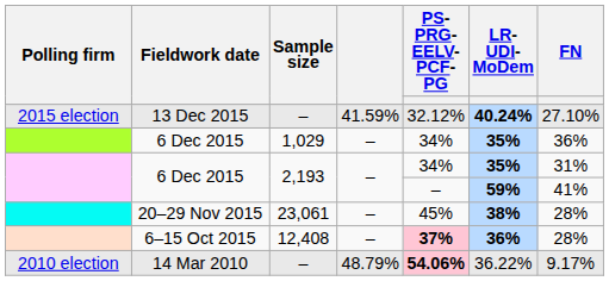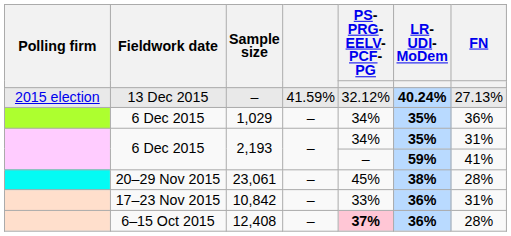 <table class="wikitable sortable" style="text-align:center;font-size:90%;line-height:14px;">
 <tr style="height:40px;">
 <th style="width:100px;" rowspan="2">Polling firm</th>
 <th style="width:110px;" rowspan="2">Fieldwork date</th>
 <th style="width:35px;" rowspan="2">Sample<br>size</th>
 <th style="width:30px;" rowspan="2"></th>
 <th class="unsortable" style="width:40px;"><a href='#'>PS</a>-<a href='#'>PRG</a>-<a href='#'>EELV</a>-<a href='#'>PCF</a>-<a href='#'>PG</a></th>
 <th class="unsortable" style="width:40px;"><a href='#'>LR</a>-<a href='#'>UDI</a>-<a href='#'>MoDem</a></th>
 <th class="unsortable" style="width:40px;"><a href='#'>FN</a></th>
 </tr>
 <tr>
 <th style="background:"></th>
 <th style="background:"></th>
 <th style="background:"></th>
 </tr>
 <tr style="background:#E9E9E9;">
 <td><a href='#'>2015 election</a></td>
 <td data-sort-value="2015-12-13">13 Dec 2015</td>
 <td>–</td>
 <td>41.59%</td>
 <td>32.12%</td>
 <td style="background:#B9DAFF;"><strong>40.24%</strong></td>
-<td>27.10%</td>
+<td>27.13%</td>
 </tr>
 <tr>
 <td style="background:GreenYellow;"></td>
 <td data-sort-value="2015-12-06">6 Dec 2015</td>
 <td>1,029</td>
 <td>–</td>
 <td>34%</td>
 <td style="background:#B9DAFF;"><strong>35%</strong></td>
 <td>36%</td>
 </tr>
 <tr>
 <td rowspan="2" style="background:#FFCCFF;"></td>
 <td rowspan="2" data-sort-value="2015-12-06">6 Dec 2015</td>
 <td rowspan="2">2,193</td>
 <td rowspan="2">–</td>
 <td>34%</td>
 <td style="background:#B9DAFF;"><strong>35%</strong></td>
 <td>31%</td>
 </tr>
 <tr>
 <td>–</td>
 <td style="background:#B9DAFF;"><strong>59%</strong></td>
 <td>41%</td>
 </tr>
 <tr>
 <td style="background:#04FBF4;"></td>
 <td data-sort-value="2015-11-29">20–29 Nov 2015</td>
 <td>23,061</td>
 <td>–</td>
 <td>45%</td>
 <td style="background:#B9DAFF;"><strong>38%</strong></td>
 <td>28%</td>
 </tr>
 <tr>
 <td style="background:#FFDFCC;"></td>
+<td data-sort-value="2015-11-23">17–23 Nov 2015</td>
+<td>10,842</td>
+<td>–</td>
+<td>33%</td>
+<td style="background:#B9DAFF;"><strong>36%</strong></td>
+<td>31%</td>
+</tr>
+<tr>
+<td style="background:#FFDFCC;"></td>
 <td data-sort-value="2015-10-15">6–15 Oct 2015</td>
 <td>12,408</td>
 <td>–</td>
 <td style="background:#FFC6D5;"><strong>37%</strong></td>
 <td style="background:#B9DAFF;"><strong>36%</strong></td>
 <td>28%</td>
 </tr>
-<tr style="background:#E9E9E9;">
-<td><a href='#'>2010 election</a></td>
-<td data-sort-value="2010-03-14">14 Mar 2010</td>
-<td>–</td>
-<td>48.79%</td>
-<td style="background:#FFC6D5;"><strong>54.06%</strong></td>
-<td>36.22%</td>
-<td>9.17%</td>
-</tr>
 </table>
